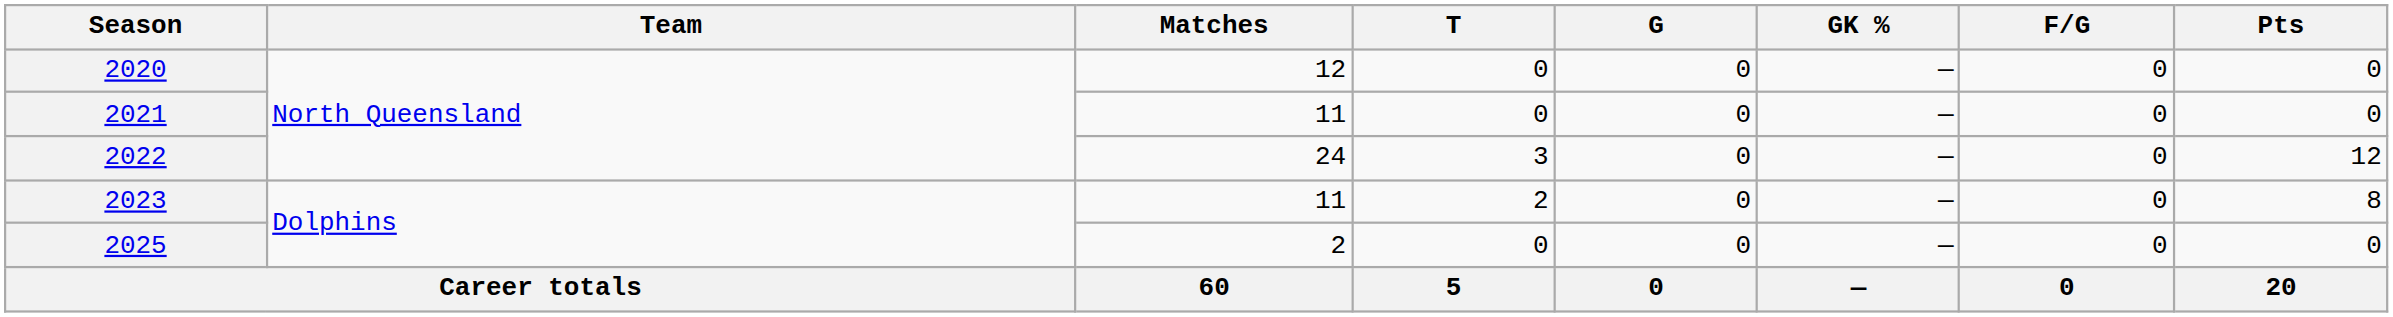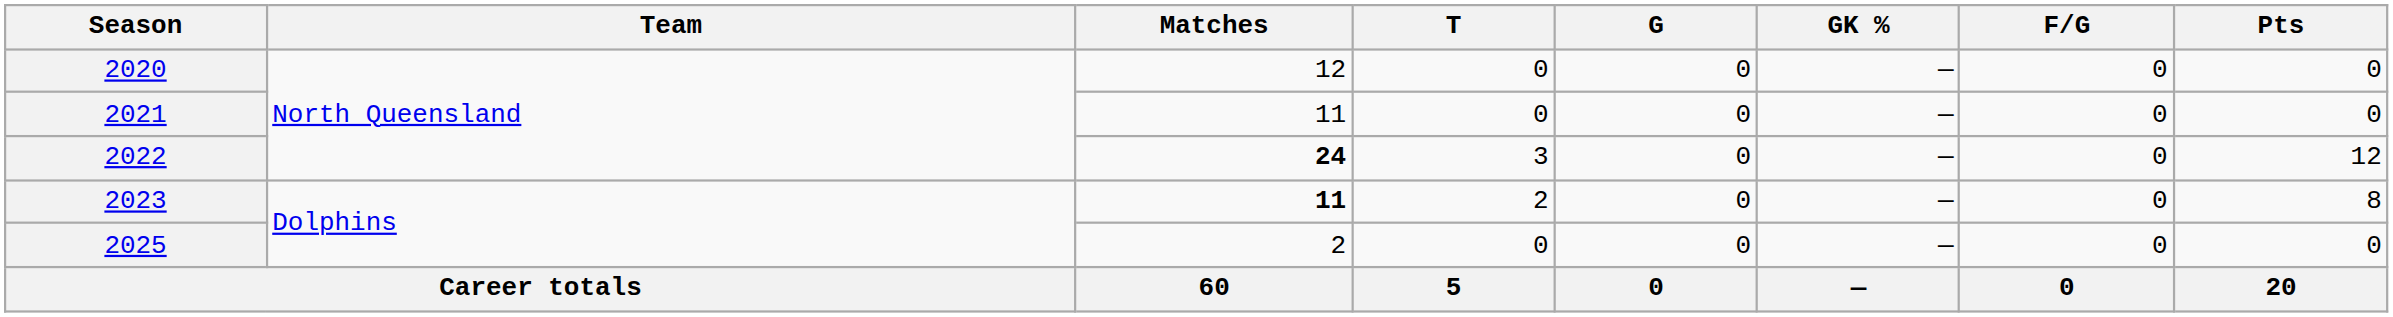 <table class="wikitable sortable"  style="font-size:90%; text-align:center; width:85%;">
 <tr>
 <th width=2%>Season</th>
 <th width=8%>Team</th>
 <th width=2%>Matches</th>
 <th width=2%>T</th>
 <th width=2%>G</th>
 <th width=2%>GK %</th>
 <th width=2%>F/G</th>
 <th width=2%>Pts</th>
 </tr>
 <tr>
 <th scope="row" style="text-align:center; font-weight:normal"><a href='#'>2020</a></th>
 <td rowspan="3" align=left> <a href='#'>North Queensland</a></td>
 <td align=right>12</td>
 <td align=right>0</td>
 <td align=right>0</td>
 <td align=right>—</td>
 <td align=right>0</td>
 <td align=right>0</td>
 </tr>
 <tr>
 <th scope="row" style="text-align:center; font-weight:normal"><a href='#'>2021</a></th>
 <td align=right>11</td>
 <td align=right>0</td>
 <td align=right>0</td>
 <td align=right>—</td>
 <td align=right>0</td>
 <td align=right>0</td>
 </tr>
 <tr>
 <th scope="row" style="text-align:center; font-weight:normal"><a href='#'>2022</a></th>
-<td align=right>24</td>
+<td align=right><strong>24</strong></td>
 <td align=right>3</td>
 <td align=right>0</td>
 <td align=right>—</td>
 <td align=right>0</td>
 <td align=right>12</td>
 </tr>
 <tr>
 <th scope="row" style="text-align:center; font-weight:normal"><a href='#'>2023</a></th>
 <td rowspan="2" align="left"> <a href='#'>Dolphins</a></td>
-<td align=right>11</td>
+<td align=right><strong>11</strong></td>
 <td align=right>2</td>
 <td align=right>0</td>
 <td align=right>—</td>
 <td align=right>0</td>
 <td align=right>8</td>
 </tr>
 <tr>
 <th scope="row" style="text-align:center; font-weight:normal"><a href='#'>2025</a></th>
 <td align=right>2</td>
 <td align=right>0</td>
 <td align=right>0</td>
 <td align=right>—</td>
 <td align=right>0</td>
 <td align=right>0</td>
 </tr>
 <tr class="sortbottom">
 <th colspan=2>Career totals</th>
 <th align=right>60</th>
 <th align=right><strong>5</strong></th>
 <th align=right><strong>0</strong></th>
 <th align=right><strong>—</strong></th>
 <th align=right><strong>0</strong></th>
 <th align=right><strong>20</strong></th>
 </tr>
 </table>
